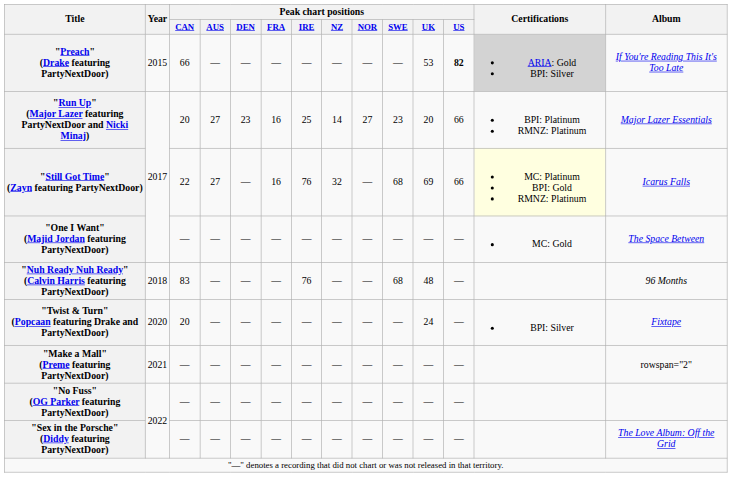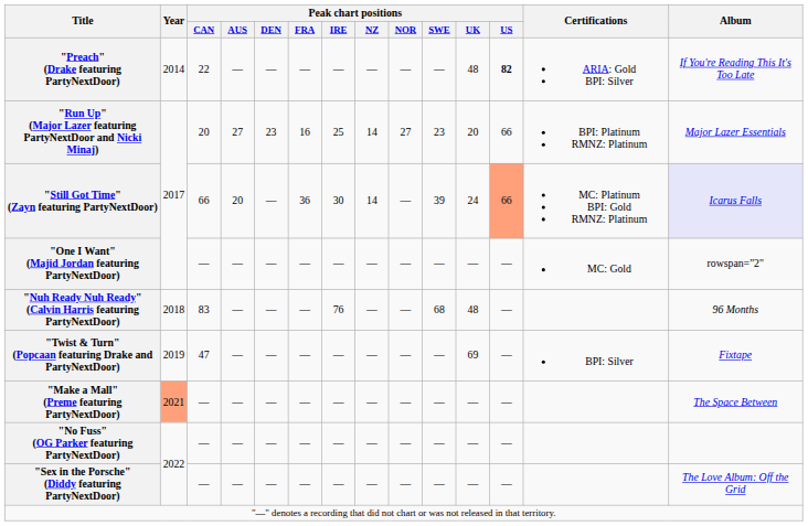 <table class="wikitable plainrowheaders" style="text-align:center;">
 <tr>
 <th scope="col" rowspan="2" style="width:14em;">Title</th>
 <th scope="col" rowspan="2">Year</th>
 <th scope="col" colspan="10">Peak chart positions</th>
 <th scope="col" rowspan="2" style="width:13em;">Certifications</th>
 <th scope="col" rowspan="2" style="width:12em;">Album</th>
 </tr>
 <tr>
 <th scope="col" style="width:3em;font-size:90%;"><a href='#'>CAN</a><br></th>
 <th scope="col" style="width:3em;font-size:90%;"><a href='#'>AUS</a><br></th>
 <th scope="col" style="width:3em;font-size:90%;"><a href='#'>DEN</a><br></th>
 <th scope="col" style="width:3em;font-size:90%;"><a href='#'>FRA</a><br></th>
 <th scope="col" style="width:3em;font-size:90%;"><a href='#'>IRE</a><br></th>
 <th scope="col" style="width:3em;font-size:90%;"><a href='#'>NZ</a><br></th>
 <th scope="col" style="width:3em;font-size:90%;"><a href='#'>NOR</a><br></th>
 <th scope="col" style="width:3em;font-size:90%;"><a href='#'>SWE</a><br></th>
 <th scope="col" style="width:3em;font-size:90%;"><a href='#'>UK</a><br></th>
 <th scope="col" style="width:3em;font-size:90%;"><a href='#'>US</a><br></th>
 </tr>
 <tr>
 <th scope="row">"<a href='#'>Preach</a>"<br><span>(<a href='#'>Drake</a> featuring PartyNextDoor)</span></th>
-<td>2015</td>
-<td>66</td>
+<td>2014</td>
+<td>22</td>
 <td>—</td>
 <td>—</td>
 <td>—</td>
 <td>—</td>
 <td>—</td>
 <td>—</td>
 <td>—</td>
-<td>53</td>
+<td>48</td>
 <td><strong>82</strong></td>
-<td style="background: lightgrey;"><br><ul><li><a href='#'>ARIA</a>: Gold</li><li>BPI: Silver</li></ul></td>
+<td><br><ul><li><a href='#'>ARIA</a>: Gold</li><li>BPI: Silver</li></ul></td>
 <td><em><a href='#'>If You're Reading This It's Too Late</a></em></td>
 </tr>
 <tr>
 <th scope="row">"<a href='#'>Run Up</a>"<br><span>(<a href='#'>Major Lazer</a> featuring PartyNextDoor and <a href='#'>Nicki Minaj</a>)</span></th>
 <td rowspan="3">2017</td>
 <td>20</td>
 <td>27</td>
 <td>23</td>
 <td>16</td>
 <td>25</td>
 <td>14</td>
 <td>27</td>
 <td>23</td>
 <td>20</td>
 <td>66</td>
 <td><br><ul><li>BPI: Platinum</li><li>RMNZ: Platinum</li></ul></td>
 <td><em><a href='#'>Major Lazer Essentials</a></em></td>
 </tr>
 <tr>
 <th scope="row">"<a href='#'>Still Got Time</a>"<br><span>(<a href='#'>Zayn</a> featuring PartyNextDoor)</span></th>
-<td>22</td>
-<td>27</td>
+<td>66</td>
+<td>20</td>
 <td>—</td>
-<td>16</td>
-<td>76</td>
-<td>32</td>
+<td>36</td>
+<td>30</td>
+<td>14</td>
 <td>—</td>
-<td>68</td>
-<td>69</td>
-<td>66</td>
-<td style="background: lightyellow;"><br><ul><li>MC: Platinum</li><li>BPI: Gold</li><li>RMNZ: Platinum</li></ul></td>
-<td><em><a href='#'>Icarus Falls</a></em></td>
+<td>39</td>
+<td>24</td>
+<td style="background: lightsalmon;">66</td>
+<td><br><ul><li>MC: Platinum</li><li>BPI: Gold</li><li>RMNZ: Platinum</li></ul></td>
+<td style="background: lavender;"><em><a href='#'>Icarus Falls</a></em></td>
 </tr>
 <tr>
 <th scope="row">"One I Want"<br><span>(<a href='#'>Majid Jordan</a> featuring PartyNextDoor)</span></th>
 <td>—</td>
 <td>—</td>
 <td>—</td>
 <td>—</td>
 <td>—</td>
 <td>—</td>
 <td>—</td>
 <td>—</td>
 <td>—</td>
 <td>—</td>
 <td><br><ul><li>MC: Gold</li></ul></td>
-<td><em><a href='#'>The Space Between</a></em></td>
+<td>rowspan="2" </td>
 </tr>
 <tr>
 <th scope="row">"<a href='#'>Nuh Ready Nuh Ready</a>"<br><span>(<a href='#'>Calvin Harris</a> featuring PartyNextDoor)</span></th>
 <td>2018</td>
 <td>83</td>
 <td>—</td>
 <td>—</td>
 <td>—</td>
 <td>76</td>
 <td>—</td>
 <td>—</td>
 <td>68</td>
 <td>48</td>
 <td>—</td>
 <td></td>
 <td><em>96 Months</em></td>
 </tr>
 <tr>
 <th scope="row">"Twist & Turn"<br><span>(<a href='#'>Popcaan</a> featuring Drake and PartyNextDoor)</span></th>
-<td>2020</td>
-<td>20</td>
+<td>2019</td>
+<td>47</td>
 <td>—</td>
 <td>—</td>
 <td>—</td>
 <td>—</td>
 <td>—</td>
 <td>—</td>
 <td>—</td>
-<td>24</td>
+<td>69</td>
 <td>—</td>
 <td><br><ul><li>BPI: Silver</li></ul></td>
 <td><em><a href='#'>Fixtape</a></em></td>
 </tr>
 <tr>
 <th scope="row">"Make a Mall"<br><span>(<a href='#'>Preme</a> featuring PartyNextDoor)</span></th>
-<td>2021</td>
+<td style="background: lightsalmon;">2021</td>
 <td>—</td>
 <td>—</td>
 <td>—</td>
 <td>—</td>
 <td>—</td>
 <td>—</td>
 <td>—</td>
 <td>—</td>
 <td>—</td>
 <td>—</td>
 <td></td>
-<td>rowspan="2" </td>
+<td><em><a href='#'>The Space Between</a></em></td>
 </tr>
 <tr>
 <th scope="row">"No Fuss"<br><span>(<a href='#'>OG Parker</a> featuring PartyNextDoor)</span></th>
 <td rowspan="2">2022</td>
 <td>—</td>
 <td>—</td>
 <td>—</td>
 <td>—</td>
 <td>—</td>
 <td>—</td>
 <td>—</td>
 <td>—</td>
 <td>—</td>
 <td>—</td>
 <td></td>
 </tr>
 <tr>
 <th scope="row">"Sex in the Porsche"<br><span>(<a href='#'>Diddy</a> featuring PartyNextDoor)</span></th>
 <td>—</td>
 <td>—</td>
 <td>—</td>
 <td>—</td>
 <td>—</td>
 <td>—</td>
 <td>—</td>
 <td>—</td>
 <td>—</td>
 <td>—</td>
 <td></td>
 <td><em><a href='#'>The Love Album: Off the Grid</a></em></td>
 </tr>
 <tr>
 <td colspan="15" style="font-size:90%">"—" denotes a recording that did not chart or was not released in that territory.</td>
 </tr>
 </table>
